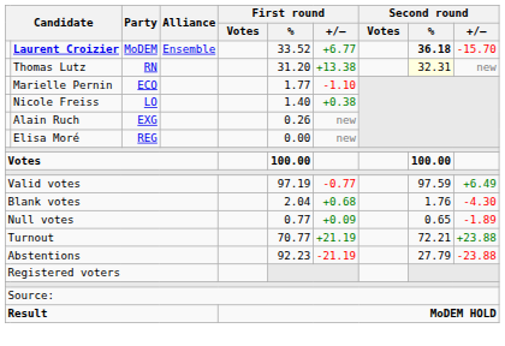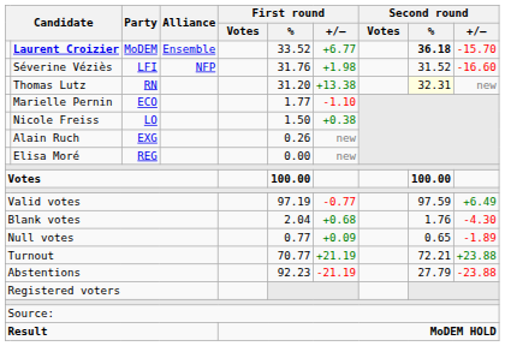 <table class="wikitable" style="text-align:right;font-size:95%;">
 <tr>
 <th rowspan="2" colspan="2">Candidate</th>
 <th colspan="1" rowspan="2">Party</th>
 <th colspan="1" rowspan="2">Alliance</th>
 <th colspan="3">First round</th>
 <th colspan="3">Second round</th>
 </tr>
 <tr>
 <th style="width:50px;">Votes</th>
 <th style="width:45px;">%</th>
 <th style="width:45px;">+/–</th>
 <th style="width:50px;">Votes</th>
 <th style="width:45px;">%</th>
 <th style="width:45px;">+/–</th>
 </tr>
 <tr>
 <td style="color:inherit;background:"></td>
 <td style="text-align:left;"><strong><a href='#'>Laurent Croizier</a></strong></td>
 <td><a href='#'>MoDEM</a></td>
 <td><a href='#'>Ensemble</a></td>
 <td></td>
 <td>33.52</td>
 <td style="color:green;">+6.77</td>
 <td><strong></strong></td>
 <td><strong>36.18</strong></td>
 <td style="color:red;">-15.70</td>
 </tr>
 <tr>
 <td style="color:inherit;background:"></td>
+<td style="text-align:left;">Séverine Véziès</td>
+<td><a href='#'>LFI</a></td>
+<td><a href='#'>NFP</a></td>
+<td></td>
+<td>31.76</td>
+<td style="color:green;">+1.98</td>
+<td></td>
+<td>31.52</td>
+<td style="color:red;">-16.60</td>
+</tr>
+<tr>
+<td style="color:inherit;background:"></td>
 <td style="text-align:left;">Thomas Lutz</td>
 <td><a href='#'>RN</a></td>
 <td></td>
 <td></td>
 <td>31.20</td>
 <td style="color:green;">+13.38</td>
 <td></td>
 <td style="background: lightyellow;">32.31</td>
 <td style="color:grey;">new</td>
 </tr>
 <tr>
 <td style="color:inherit;background:"></td>
 <td style="text-align:left;">Marielle Pernin</td>
 <td><a href='#'>ECO</a></td>
 <td></td>
 <td></td>
 <td>1.77</td>
 <td style="color:red;">-1.10</td>
 <td colspan="3" rowspan="4" style="background:#E9E9E9;"></td>
 </tr>
 <tr>
 <td style="color:inherit;background:"></td>
 <td style="text-align:left;">Nicole Freiss</td>
 <td><a href='#'>LO</a></td>
 <td></td>
 <td></td>
-<td>1.40</td>
+<td>1.50</td>
 <td style="color:green;">+0.38</td>
 </tr>
 <tr>
 <td style="color:inherit;background:"></td>
 <td style="text-align:left;">Alain Ruch</td>
 <td><a href='#'>EXG</a></td>
 <td></td>
 <td></td>
 <td>0.26</td>
 <td style="color:grey;">new</td>
 </tr>
 <tr>
 <td style="color:inherit;background:"></td>
 <td style="text-align:left;">Elisa Moré</td>
 <td><a href='#'>REG</a></td>
 <td></td>
 <td></td>
 <td>0.00</td>
 <td style="color:grey;">new</td>
 </tr>
 <tr>
 <td colspan="10" style="background:#E9E9E9;"></td>
 </tr>
 <tr style="font-weight:bold;">
 <td colspan="4" style="text-align:left;">Votes</td>
 <td></td>
 <td>100.00</td>
 <td></td>
 <td></td>
 <td>100.00</td>
 <td></td>
 </tr>
 <tr>
 <td colspan="10" style="background:#E9E9E9;"></td>
 </tr>
 <tr>
 <td colspan="4" style="text-align:left;">Valid votes</td>
 <td></td>
 <td>97.19</td>
 <td style="color:red;">-0.77</td>
 <td></td>
 <td>97.59</td>
 <td style="color:green;">+6.49</td>
 </tr>
 <tr>
 <td colspan="4" style="text-align:left;">Blank votes</td>
 <td></td>
 <td>2.04</td>
 <td style="color:green;">+0.68</td>
 <td></td>
 <td>1.76</td>
 <td style="color:red;">-4.30</td>
 </tr>
 <tr>
 <td colspan="4" style="text-align:left;">Null votes</td>
 <td></td>
 <td>0.77</td>
 <td style="color:green;">+0.09</td>
 <td></td>
 <td>0.65</td>
 <td style="color:red;">-1.89</td>
 </tr>
 <tr>
 <td colspan="4" style="text-align:left;">Turnout</td>
 <td></td>
 <td>70.77</td>
 <td style="color:green;">+21.19</td>
 <td></td>
 <td>72.21</td>
 <td style="color:green;">+23.88</td>
 </tr>
 <tr>
 <td colspan="4" style="text-align:left;">Abstentions</td>
 <td></td>
 <td>92.23</td>
 <td style="color:red;">-21.19</td>
 <td></td>
 <td>27.79</td>
 <td style="color:red;">-23.88</td>
 </tr>
 <tr>
 <td colspan="4" style="text-align:left;">Registered voters</td>
 <td></td>
 <td colspan="2" style="background:#E9E9E9;"></td>
 <td></td>
 <td colspan="2" style="background:#E9E9E9;"></td>
 </tr>
 <tr>
 <td colspan="10" style="background:#E9E9E9;"></td>
 </tr>
 <tr>
 <td colspan="10" style="text-align:left;">Source: </td>
 </tr>
 <tr style="font-weight:bold">
 <td colspan="4" style="text-align:left;">Result</td>
 <td colspan="6" style="background-color:">MoDEM HOLD</td>
 </tr>
 </table>
